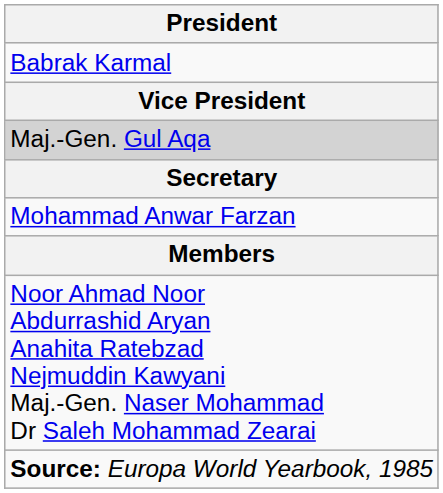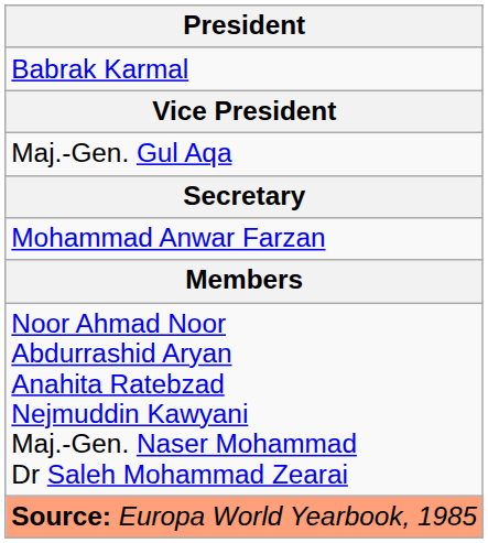 <table class="wikitable">
 <tr>
 <th>President</th>
 </tr>
 <tr>
 <td><a href='#'>Babrak Karmal</a></td>
 </tr>
 <tr>
 <th>Vice President</th>
 </tr>
 <tr>
-<td style="background: lightgrey;">Maj.-Gen. <a href='#'>Gul Aqa</a></td>
+<td>Maj.-Gen. <a href='#'>Gul Aqa</a></td>
 </tr>
 <tr>
 <th>Secretary</th>
 </tr>
 <tr>
 <td><a href='#'>Mohammad Anwar Farzan</a></td>
 </tr>
 <tr>
 <th>Members</th>
 </tr>
 <tr>
 <td><a href='#'>Noor Ahmad Noor</a><br><a href='#'>Abdurrashid Aryan</a><br><a href='#'>Anahita Ratebzad</a><br><a href='#'>Nejmuddin Kawyani</a><br>Maj.-Gen. <a href='#'>Naser Mohammad</a><br>Dr <a href='#'>Saleh Mohammad Zearai</a></td>
 </tr>
 <tr>
-<td><strong>Source:</strong> <em>Europa World Yearbook, 1985</em></td>
+<td style="background: lightsalmon;"><strong>Source:</strong> <em>Europa World Yearbook, 1985</em></td>
 </tr>
 </table>
